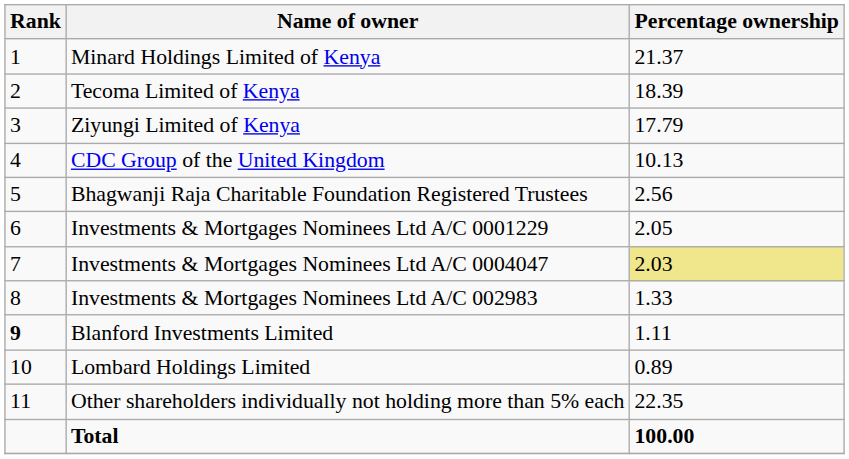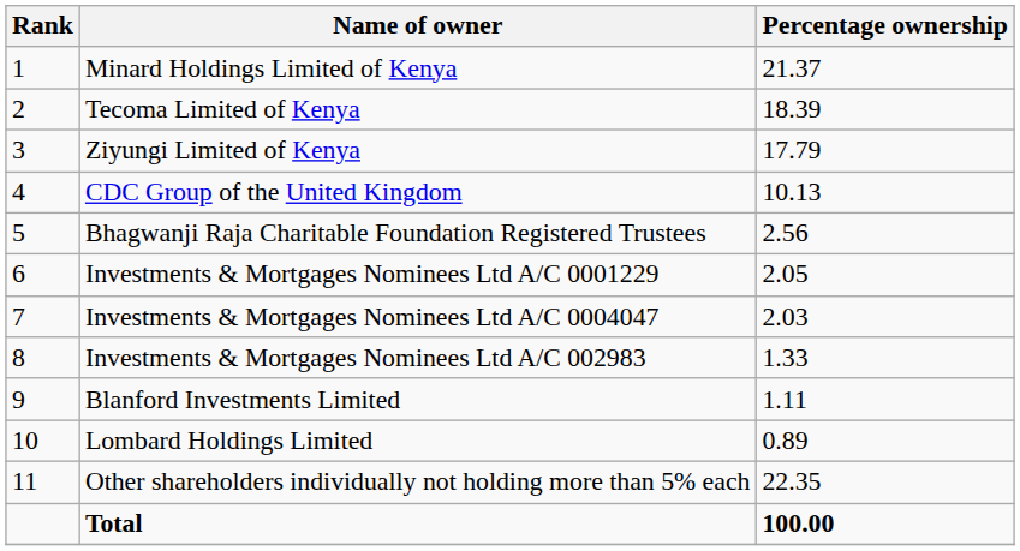 <table class="wikitable sortable" style="margin-left:auto;margin-right:auto">
 <tr>
 <th style="width:2em;">Rank</th>
 <th>Name of owner</th>
 <th>Percentage ownership</th>
 </tr>
 <tr>
 <td>1</td>
 <td>Minard Holdings Limited of <a href='#'>Kenya</a></td>
 <td>21.37</td>
 </tr>
 <tr>
 <td>2</td>
 <td>Tecoma Limited of <a href='#'>Kenya</a></td>
 <td>18.39</td>
 </tr>
 <tr>
 <td>3</td>
 <td>Ziyungi Limited of <a href='#'>Kenya</a></td>
 <td>17.79</td>
 </tr>
 <tr>
 <td>4</td>
 <td><a href='#'>CDC Group</a> of the <a href='#'>United Kingdom</a></td>
 <td>10.13</td>
 </tr>
 <tr>
 <td>5</td>
 <td>Bhagwanji Raja Charitable Foundation Registered Trustees</td>
 <td>2.56</td>
 </tr>
 <tr>
 <td>6</td>
 <td>Investments & Mortgages Nominees Ltd A/C 0001229</td>
 <td>2.05</td>
 </tr>
 <tr>
 <td>7</td>
 <td>Investments & Mortgages Nominees Ltd A/C 0004047</td>
-<td style="background: khaki;">2.03</td>
+<td>2.03</td>
 </tr>
 <tr>
 <td>8</td>
 <td>Investments & Mortgages Nominees Ltd A/C 002983</td>
 <td>1.33</td>
 </tr>
 <tr>
-<td><strong>9</strong></td>
+<td>9</td>
 <td>Blanford Investments Limited</td>
 <td>1.11</td>
 </tr>
 <tr>
 <td>10</td>
 <td>Lombard Holdings Limited</td>
 <td>0.89</td>
 </tr>
 <tr>
 <td>11</td>
 <td>Other shareholders individually not holding more than 5% each</td>
 <td>22.35</td>
 </tr>
 <tr>
 <td></td>
 <td><strong>Total</strong></td>
 <td><strong>100.00</strong></td>
 </tr>
 <tr>
 </tr>
 </table>
